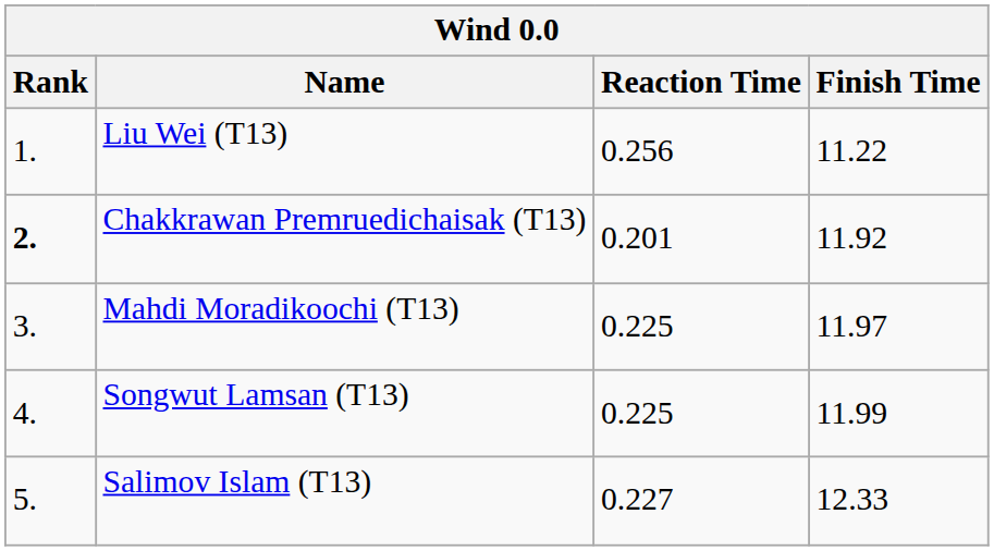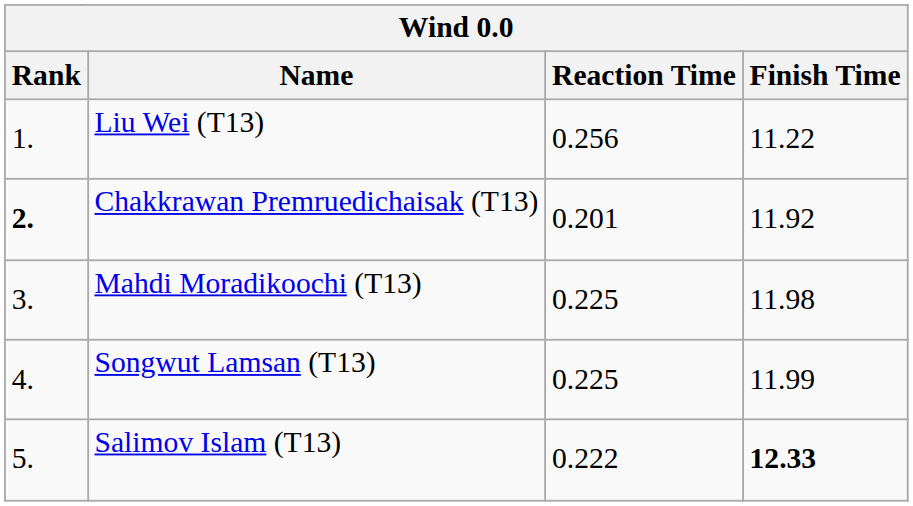 <table class="wikitable">
 <tr>
 <th colspan="4">Wind 0.0</th>
 </tr>
 <tr>
 <th>Rank</th>
 <th>Name</th>
 <th>Reaction Time</th>
 <th>Finish Time</th>
 </tr>
 <tr>
 <td>1.</td>
 <td><a href='#'>Liu Wei</a> (T13)<br><br></td>
 <td>0.256</td>
 <td>11.22</td>
 </tr>
 <tr>
 <td><strong>2.</strong></td>
 <td><a href='#'>Chakkrawan Premruedichaisak</a> (T13)<br><br> </td>
 <td>0.201</td>
 <td>11.92</td>
 </tr>
 <tr>
 <td>3.</td>
 <td><a href='#'>Mahdi Moradikoochi</a> (T13)<br><br></td>
 <td>0.225</td>
-<td>11.97</td>
+<td>11.98</td>
 </tr>
 <tr>
 <td>4.</td>
 <td><a href='#'>Songwut Lamsan</a> (T13)<br><br></td>
 <td>0.225</td>
 <td>11.99</td>
 </tr>
 <tr>
 <td>5.</td>
 <td><a href='#'>Salimov Islam</a> (T13)<br><br></td>
-<td>0.227</td>
-<td>12.33</td>
+<td>0.222</td>
+<td><strong>12.33</strong></td>
 </tr>
 </table>
